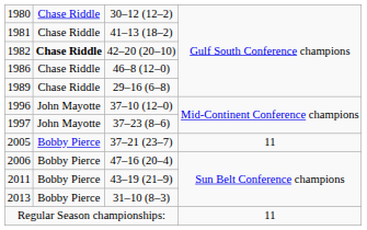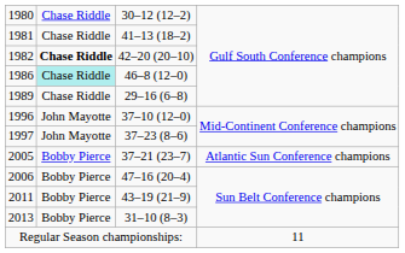 <table class="wikitable" style="text-align:center">
 <tr>
 <td>1980</td>
 <td><a href='#'>Chase Riddle</a></td>
 <td>30–12 (12–2)</td>
 <td rowspan="5"><a href='#'>Gulf South Conference</a> champions</td>
 </tr>
 <tr>
 <td>1981</td>
 <td>Chase Riddle</td>
 <td>41–13 (18–2)</td>
 </tr>
 <tr>
 <td>1982</td>
 <td><strong>Chase Riddle</strong></td>
 <td>42–20 (20–10)</td>
 </tr>
 <tr>
 <td>1986</td>
-<td>Chase Riddle</td>
+<td style="background: paleturquoise;">Chase Riddle</td>
 <td>46–8 (12–0)</td>
 </tr>
 <tr>
 <td>1989</td>
 <td>Chase Riddle</td>
 <td>29–16 (6–8)</td>
 </tr>
 <tr>
 <td>1996</td>
 <td>John Mayotte</td>
 <td>37–10 (12–0)</td>
 <td rowspan="2"><a href='#'>Mid-Continent Conference</a> champions</td>
 </tr>
 <tr>
 <td>1997</td>
 <td>John Mayotte</td>
 <td>37–23 (8–6)</td>
 </tr>
 <tr>
 <td>2005</td>
 <td><a href='#'>Bobby Pierce</a></td>
 <td>37–21 (23–7)</td>
-<td>11</td>
+<td><a href='#'>Atlantic Sun Conference</a> champions</td>
 </tr>
 <tr>
 <td>2006</td>
 <td>Bobby Pierce</td>
 <td>47–16 (20–4)</td>
 <td rowspan="3"><a href='#'>Sun Belt Conference</a> champions</td>
 </tr>
 <tr>
 <td>2011</td>
 <td>Bobby Pierce</td>
 <td>43–19 (21–9)</td>
 </tr>
 <tr>
 <td>2013</td>
 <td>Bobby Pierce</td>
 <td>31–10 (8–3)</td>
 </tr>
 <tr>
 <td colspan=3>Regular Season championships:</td>
 <td>11</td>
 </tr>
 </table>
